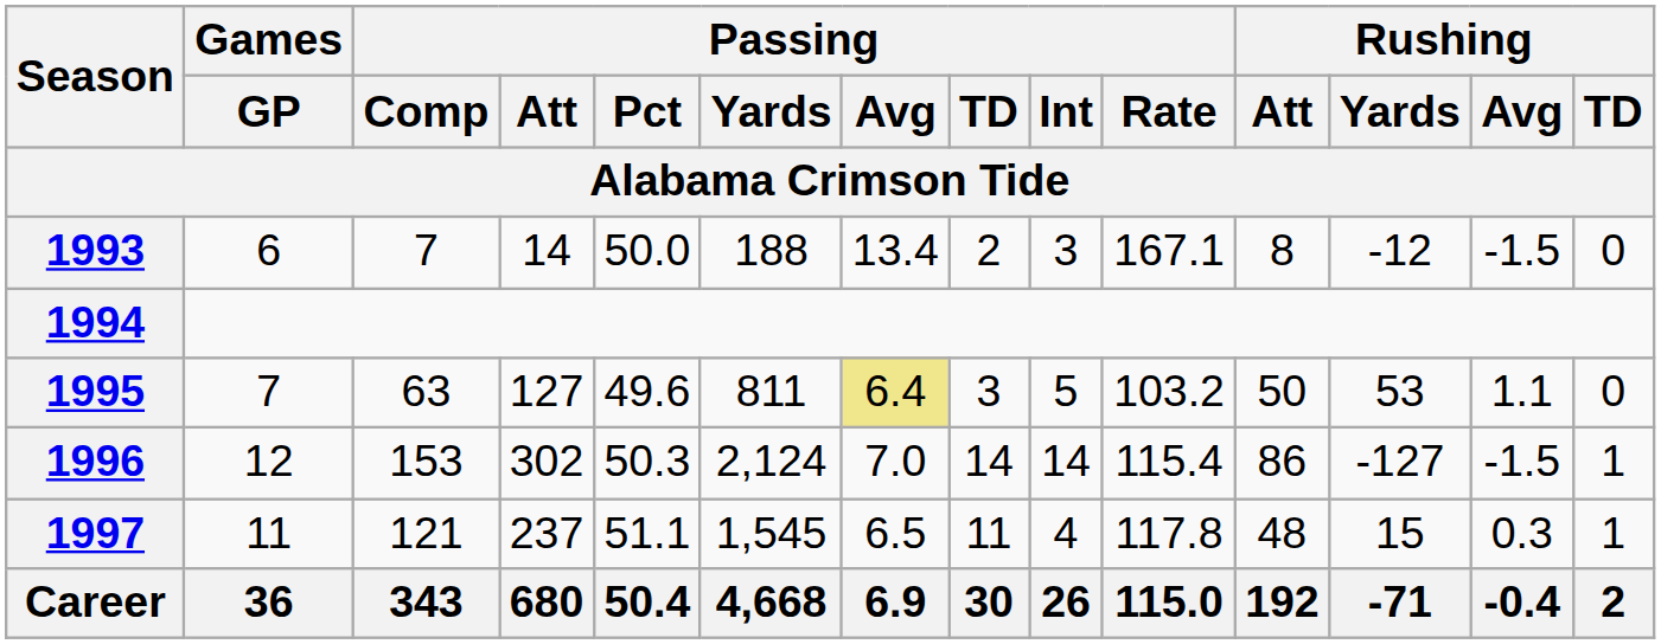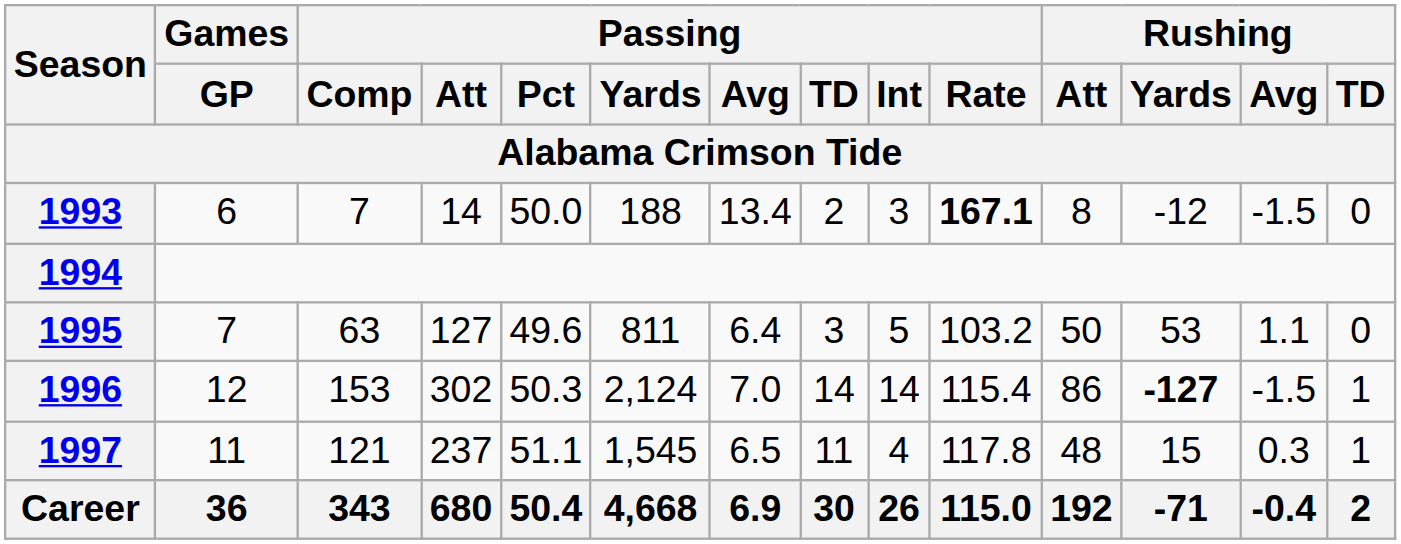 <table class="wikitable" style="text-align:center;">
 <tr>
 <th rowspan="2">Season</th>
 <th colspan="1">Games</th>
 <th colspan="8">Passing</th>
 <th colspan="4">Rushing</th>
 </tr>
 <tr>
 <th>GP</th>
 <th>Comp</th>
 <th>Att</th>
 <th>Pct</th>
 <th>Yards</th>
 <th>Avg</th>
 <th>TD</th>
 <th>Int</th>
 <th>Rate</th>
 <th>Att</th>
 <th>Yards</th>
 <th>Avg</th>
 <th>TD</th>
 </tr>
 <tr>
 <th colspan="15">Alabama Crimson Tide</th>
 </tr>
 <tr>
 <th><a href='#'>1993</a></th>
 <td>6</td>
 <td>7</td>
 <td>14</td>
 <td>50.0</td>
 <td>188</td>
 <td>13.4</td>
 <td>2</td>
 <td>3</td>
-<td>167.1</td>
+<td><strong>167.1</strong></td>
 <td>8</td>
 <td>-12</td>
 <td>-1.5</td>
 <td>0</td>
 </tr>
 <tr>
 <th><a href='#'>1994</a></th>
 <td colspan="14"></td>
 </tr>
 <tr>
 <th><a href='#'>1995</a></th>
 <td>7</td>
 <td>63</td>
 <td>127</td>
 <td>49.6</td>
 <td>811</td>
-<td style="background: khaki;">6.4</td>
+<td>6.4</td>
 <td>3</td>
 <td>5</td>
 <td>103.2</td>
 <td>50</td>
 <td>53</td>
 <td>1.1</td>
 <td>0</td>
 </tr>
 <tr>
 <th><a href='#'>1996</a></th>
 <td>12</td>
 <td>153</td>
 <td>302</td>
 <td>50.3</td>
 <td>2,124</td>
 <td>7.0</td>
 <td>14</td>
 <td>14</td>
 <td>115.4</td>
 <td>86</td>
-<td>-127</td>
+<td><strong>-127</strong></td>
 <td>-1.5</td>
 <td>1</td>
 </tr>
 <tr>
 <th><a href='#'>1997</a></th>
 <td>11</td>
 <td>121</td>
 <td>237</td>
 <td>51.1</td>
 <td>1,545</td>
 <td>6.5</td>
 <td>11</td>
 <td>4</td>
 <td>117.8</td>
 <td>48</td>
 <td>15</td>
 <td>0.3</td>
 <td>1</td>
 </tr>
 <tr>
 <th>Career</th>
 <th>36</th>
 <th>343</th>
 <th>680</th>
 <th>50.4</th>
 <th>4,668</th>
 <th>6.9</th>
 <th>30</th>
 <th>26</th>
 <th>115.0</th>
 <th>192</th>
 <th>-71</th>
 <th>-0.4</th>
 <th>2</th>
 </tr>
 </table>
